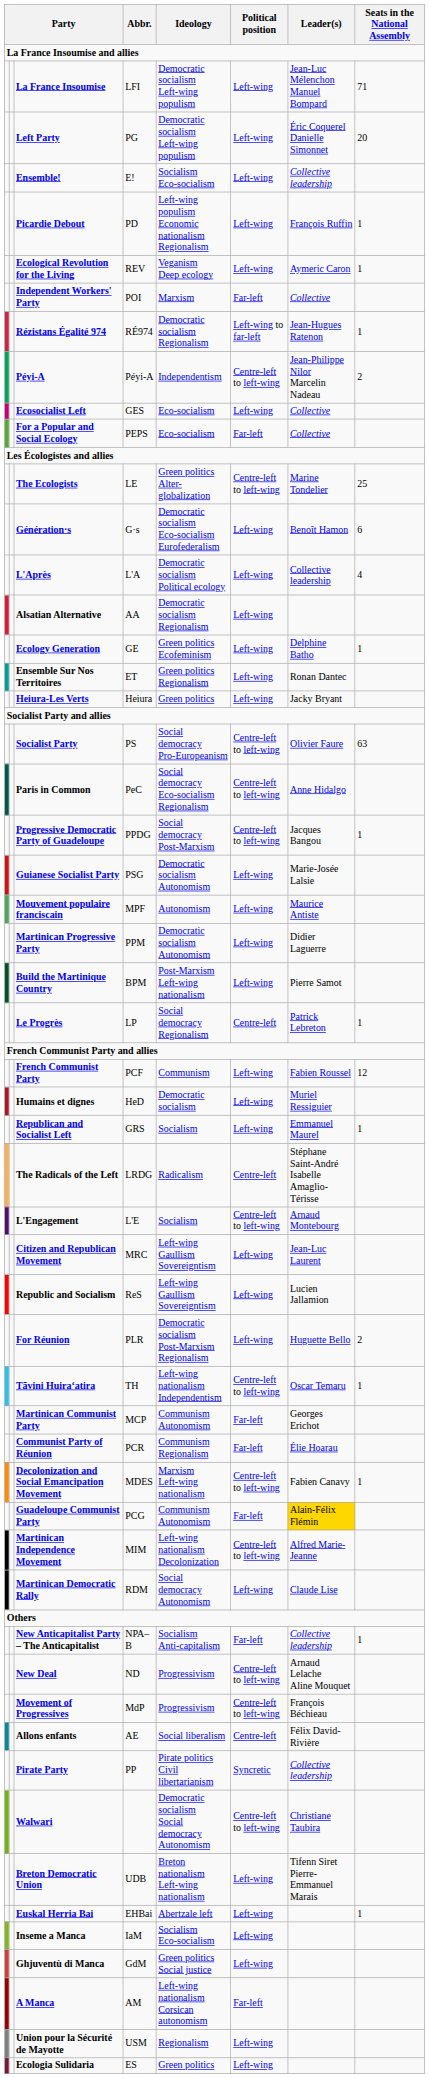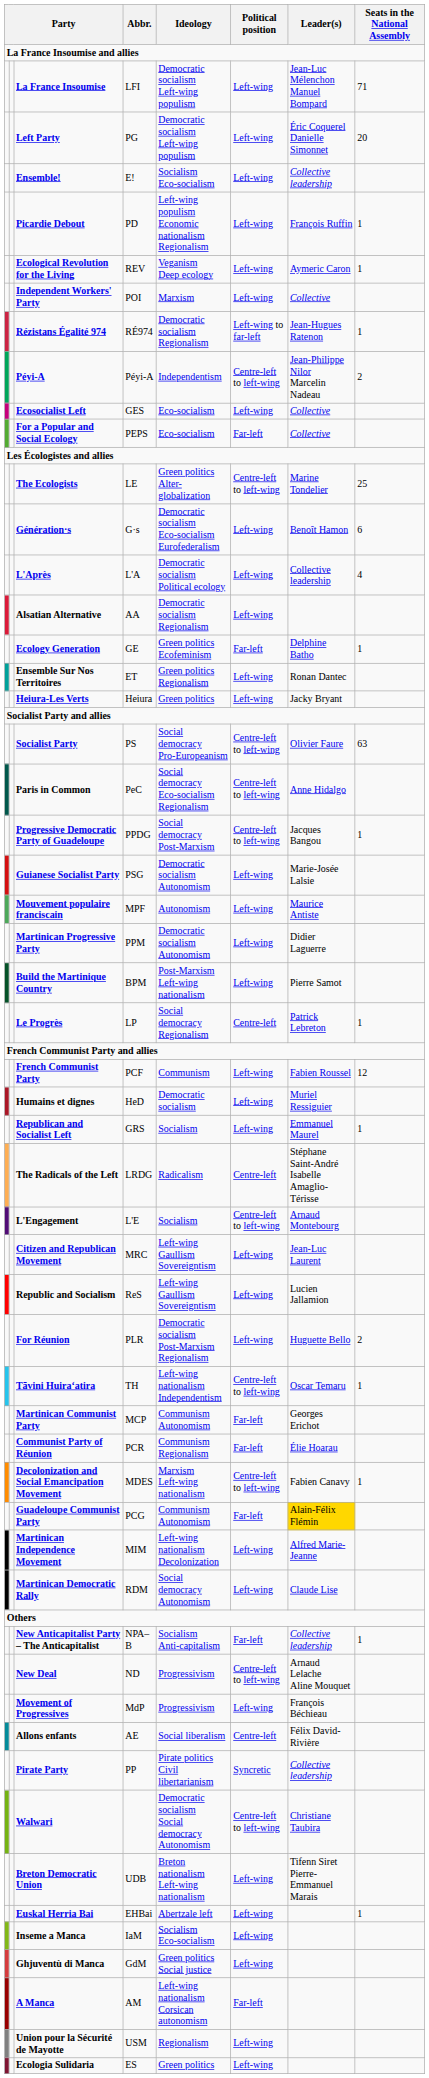 <table class="wikitable" style="font-size:90%">
 <tr>
 <th colspan="3">Party</th>
 <th>Abbr.</th>
 <th>Ideology</th>
 <th>Political position</th>
 <th>Leader(s)</th>
 <th>Seats in the <a href='#'>National Assembly</a></th>
 </tr>
 <tr>
 <td colspan="8"><strong>La France Insoumise and allies</strong></td>
 </tr>
 <tr>
 <td style="background-color:"></td>
 <td></td>
 <td><strong><a href='#'>La France Insoumise</a></strong></td>
 <td>LFI</td>
 <td><a href='#'>Democratic socialism</a><br><a href='#'>Left-wing populism</a></td>
 <td><a href='#'>Left-wing</a></td>
 <td><a href='#'>Jean-Luc Mélenchon</a><br><a href='#'>Manuel Bompard</a></td>
 <td>71</td>
 </tr>
 <tr>
 <td style="background-color:"></td>
 <td></td>
 <td><strong><a href='#'>Left Party</a></strong></td>
 <td>PG</td>
 <td><a href='#'>Democratic socialism</a><br><a href='#'>Left-wing populism</a></td>
 <td><a href='#'>Left-wing</a></td>
 <td><a href='#'>Éric Coquerel</a><br><a href='#'>Danielle Simonnet</a></td>
 <td>20</td>
 </tr>
 <tr>
 <td style="background-color:"></td>
 <td></td>
 <td><strong><a href='#'>Ensemble!</a></strong></td>
 <td>E!</td>
 <td><a href='#'>Socialism</a><br><a href='#'>Eco-socialism</a></td>
 <td><a href='#'>Left-wing</a></td>
 <td><em><a href='#'>Collective leadership</a></em></td>
 <td></td>
 </tr>
 <tr>
 <td style="background-color:"></td>
 <td align="center"></td>
 <td><strong><a href='#'>Picardie Debout</a></strong></td>
 <td>PD</td>
 <td><a href='#'>Left-wing populism</a><br><a href='#'>Economic nationalism</a><br><a href='#'>Regionalism</a></td>
 <td><a href='#'>Left-wing</a></td>
 <td><a href='#'>François Ruffin</a></td>
 <td>1</td>
 </tr>
 <tr>
 <td style="background-color:"></td>
 <td></td>
 <td><strong><a href='#'>Ecological Revolution for the Living</a></strong></td>
 <td>REV</td>
 <td><a href='#'>Veganism</a><br><a href='#'>Deep ecology</a></td>
 <td><a href='#'>Left-wing</a></td>
 <td><a href='#'>Aymeric Caron</a></td>
 <td>1</td>
 </tr>
 <tr>
 <td style="background-color:"></td>
 <td align="center"></td>
 <td><strong><a href='#'>Independent Workers' Party</a></strong></td>
 <td>POI</td>
 <td><a href='#'>Marxism</a></td>
-<td><a href='#'>Far-left</a></td>
+<td><a href='#'>Left-wing</a></td>
 <td><em><a href='#'>Collective</a></em></td>
 <td></td>
 </tr>
 <tr>
 <td style="background-color:#CC2443"></td>
 <td></td>
 <td><strong><a href='#'>Rézistans Égalité 974</a></strong></td>
 <td>RÉ974</td>
 <td><a href='#'>Democratic socialism</a><br><a href='#'>Regionalism</a></td>
 <td><a href='#'>Left-wing</a> to <a href='#'>far-left</a></td>
 <td><a href='#'>Jean-Hugues Ratenon</a></td>
 <td>1</td>
 </tr>
 <tr>
 <td style="background-color:#01A65A"></td>
 <td></td>
 <td><strong><a href='#'>Péyi-A</a></strong></td>
 <td>Péyi-A</td>
 <td><a href='#'>Independentism</a></td>
 <td><a href='#'>Centre-left</a> to <a href='#'>left-wing</a></td>
 <td><a href='#'>Jean-Philippe Nilor</a><br>Marcelin Nadeau</td>
 <td>2</td>
 </tr>
 <tr>
 <td style="background-color:#C6007B"></td>
 <td align="center"></td>
 <td><strong><a href='#'>Ecosocialist Left</a></strong></td>
 <td>GES</td>
 <td><a href='#'>Eco-socialism</a></td>
 <td><a href='#'>Left-wing</a></td>
 <td><em><a href='#'>Collective</a></em></td>
 <td></td>
 </tr>
 <tr>
 <td style="background-color:#53AB32"></td>
 <td></td>
 <td><strong><a href='#'>For a Popular and Social Ecology</a></strong></td>
 <td>PEPS</td>
 <td><a href='#'>Eco-socialism</a></td>
 <td><a href='#'>Far-left</a></td>
 <td><em><a href='#'>Collective</a></em></td>
 <td></td>
 </tr>
 <tr>
 <td colspan="8"><strong>Les Écologistes and allies</strong></td>
 </tr>
 <tr>
 <td style="background-color:"></td>
 <td align="center"></td>
 <td><strong><a href='#'>The Ecologists</a></strong></td>
 <td>LE</td>
 <td><a href='#'>Green politics</a><br><a href='#'>Alter-globalization</a></td>
 <td><a href='#'>Centre-left</a> to <a href='#'>left-wing</a></td>
 <td><a href='#'>Marine Tondelier</a></td>
 <td>25</td>
 </tr>
 <tr>
 <td style="background-color:"></td>
 <td align="center"></td>
 <td><strong><a href='#'>Génération·s</a></strong></td>
 <td>G·s</td>
 <td><a href='#'>Democratic socialism</a><br><a href='#'>Eco-socialism</a><br><a href='#'>Eurofederalism</a></td>
 <td><a href='#'>Left-wing</a></td>
 <td><a href='#'>Benoît Hamon</a></td>
 <td>6</td>
 </tr>
 <tr>
 <td style="background-color:"></td>
 <td align="center"></td>
 <td><strong><a href='#'>L'Après</a></strong></td>
 <td>L'A</td>
 <td><a href='#'>Democratic socialism</a><br><a href='#'>Political ecology</a></td>
 <td><a href='#'>Left-wing</a></td>
 <td><a href='#'>Collective leadership</a></td>
 <td>4</td>
 </tr>
 <tr>
 <td style="background-color:#DB1A39"></td>
 <td align="center"></td>
 <td><strong>Alsatian Alternative</strong></td>
 <td>AA</td>
 <td><a href='#'>Democratic socialism</a><br><a href='#'>Regionalism</a></td>
 <td><a href='#'>Left-wing</a></td>
 <td></td>
 <td></td>
 </tr>
 <tr>
 <td style="background-color:"></td>
 <td align="center"></td>
 <td><strong><a href='#'>Ecology Generation</a></strong></td>
 <td>GE</td>
 <td><a href='#'>Green politics</a><br><a href='#'>Ecofeminism</a></td>
-<td><a href='#'>Left-wing</a></td>
+<td><a href='#'>Far-left</a></td>
 <td><a href='#'>Delphine Batho</a></td>
 <td>1</td>
 </tr>
 <tr>
 <td style="background-color:#00A19A"></td>
 <td></td>
 <td><strong>Ensemble Sur Nos Territoires</strong></td>
 <td>ET</td>
 <td><a href='#'>Green politics</a><br><a href='#'>Regionalism</a></td>
 <td><a href='#'>Left-wing</a></td>
 <td>Ronan Dantec</td>
 <td></td>
 </tr>
 <tr>
 <td style="background-color:"></td>
 <td></td>
 <td><strong><a href='#'>Heiura-Les Verts</a></strong></td>
 <td>Heiura</td>
 <td><a href='#'>Green politics</a></td>
 <td><a href='#'>Left-wing</a></td>
 <td>Jacky Bryant</td>
 <td></td>
 </tr>
 <tr>
 <td colspan="8"><strong>Socialist Party and allies</strong></td>
 </tr>
 <tr>
 <td style="background-color:"></td>
 <td align="center"></td>
 <td><strong><a href='#'>Socialist Party</a></strong></td>
 <td>PS</td>
 <td><a href='#'>Social democracy</a><br><a href='#'>Pro-Europeanism</a></td>
 <td><a href='#'>Centre-left</a> to <a href='#'>left-wing</a></td>
 <td><a href='#'>Olivier Faure</a></td>
 <td>63</td>
 </tr>
 <tr>
 <td style="background-color:#00574B"></td>
 <td align="center"></td>
 <td><strong>Paris in Common</strong></td>
 <td>PeC</td>
 <td><a href='#'>Social democracy</a><br><a href='#'>Eco-socialism</a><br><a href='#'>Regionalism</a></td>
 <td><a href='#'>Centre-left</a> to <a href='#'>left-wing</a></td>
 <td><a href='#'>Anne Hidalgo</a></td>
 <td></td>
 </tr>
 <tr>
 <td style="background-color:"></td>
 <td align="center"></td>
 <td><strong><a href='#'>Progressive Democratic Party of Guadeloupe</a></strong></td>
 <td>PPDG</td>
 <td><a href='#'>Social democracy</a><br><a href='#'>Post-Marxism</a></td>
 <td><a href='#'>Centre-left</a> to <a href='#'>left-wing</a></td>
 <td>Jacques Bangou</td>
 <td>1</td>
 </tr>
 <tr>
 <td style="background:#D41012"></td>
 <td align="center"></td>
 <td><strong><a href='#'>Guianese Socialist Party</a></strong></td>
 <td>PSG</td>
 <td><a href='#'>Democratic socialism</a><br><a href='#'>Autonomism</a></td>
 <td><a href='#'>Left-wing</a></td>
 <td>Marie-Josée Lalsie</td>
 <td></td>
 </tr>
 <tr>
 <td style="background:#4DA85A"></td>
 <td align="center"></td>
 <td><strong><a href='#'>Mouvement populaire franciscain</a></strong></td>
 <td>MPF</td>
 <td><a href='#'>Autonomism</a></td>
 <td><a href='#'>Left-wing</a></td>
 <td><a href='#'>Maurice Antiste</a></td>
 <td></td>
 </tr>
 <tr>
 <td style="background:"></td>
 <td align="center"></td>
 <td><strong><a href='#'>Martinican Progressive Party</a></strong></td>
 <td>PPM</td>
 <td><a href='#'>Democratic socialism</a><br><a href='#'>Autonomism</a></td>
 <td><a href='#'>Left-wing</a></td>
 <td>Didier Laguerre</td>
 <td></td>
 </tr>
 <tr>
 <td style="background:#055228"></td>
 <td align="center"></td>
 <td><strong><a href='#'>Build the Martinique Country</a></strong></td>
 <td>BPM</td>
 <td><a href='#'>Post-Marxism</a><br><a href='#'>Left-wing nationalism</a></td>
 <td><a href='#'>Left-wing</a></td>
 <td>Pierre Samot</td>
 <td></td>
 </tr>
 <tr>
 <td style="background:"></td>
 <td></td>
 <td><strong><a href='#'>Le Progrès</a></strong></td>
 <td>LP</td>
 <td><a href='#'>Social democracy</a><br><a href='#'>Regionalism</a></td>
 <td><a href='#'>Centre-left</a></td>
 <td><a href='#'>Patrick Lebreton</a></td>
 <td>1</td>
 </tr>
 <tr>
 <td colspan="8"><strong>French Communist Party and allies</strong></td>
 </tr>
 <tr>
 <td style="background-color:"></td>
 <td></td>
 <td><strong><a href='#'>French Communist Party</a></strong></td>
 <td>PCF</td>
 <td><a href='#'>Communism</a></td>
 <td><a href='#'>Left-wing</a></td>
 <td><a href='#'>Fabien Roussel</a></td>
 <td>12</td>
 </tr>
 <tr>
 <td style="background-color:#AB1727"></td>
 <td></td>
 <td><strong>Humains et dignes</strong></td>
 <td>HeD</td>
 <td><a href='#'>Democratic socialism</a></td>
 <td><a href='#'>Left-wing</a></td>
 <td><a href='#'>Muriel Ressiguier</a></td>
 <td></td>
 </tr>
 <tr>
 <td style="background-color:"></td>
 <td></td>
 <td><strong><a href='#'>Republican and Socialist Left</a></strong></td>
 <td>GRS</td>
 <td><a href='#'>Socialism</a></td>
 <td><a href='#'>Left-wing</a></td>
 <td><a href='#'>Emmanuel Maurel</a></td>
 <td>1</td>
 </tr>
 <tr>
 <td style="background-color:#FEAE53"></td>
 <td></td>
 <td><strong>The Radicals of the Left</strong></td>
 <td>LRDG</td>
 <td><a href='#'>Radicalism</a></td>
 <td><a href='#'>Centre-left</a></td>
 <td>Stéphane Saint-André<br>Isabelle Amaglio-Térisse</td>
 <td></td>
 </tr>
 <tr>
 <td style="background-color:#510C76"></td>
 <td></td>
 <td><strong>L'Engagement</strong></td>
 <td>L'E</td>
 <td><a href='#'>Socialism</a></td>
 <td><a href='#'>Centre-left</a> to <a href='#'>left-wing</a></td>
 <td><a href='#'>Arnaud Montebourg</a></td>
 <td></td>
 </tr>
 <tr>
 <td style="background-color:"></td>
 <td></td>
 <td><strong><a href='#'>Citizen and Republican Movement</a></strong></td>
 <td>MRC</td>
 <td><a href='#'>Left-wing Gaullism</a><br><a href='#'>Sovereigntism</a></td>
 <td><a href='#'>Left-wing</a></td>
 <td><a href='#'>Jean-Luc Laurent</a></td>
 <td></td>
 </tr>
 <tr>
 <td style="background-color:red"></td>
 <td></td>
 <td><strong>Republic and Socialism</strong></td>
 <td>ReS</td>
 <td><a href='#'>Left-wing Gaullism</a><br><a href='#'>Sovereigntism</a></td>
 <td><a href='#'>Left-wing</a></td>
 <td>Lucien Jallamion</td>
 <td></td>
 </tr>
 <tr>
 <td style="background-color:"></td>
 <td></td>
 <td><strong><a href='#'>For Réunion</a></strong></td>
 <td>PLR</td>
 <td><a href='#'>Democratic socialism</a><br><a href='#'>Post-Marxism</a><br><a href='#'>Regionalism</a></td>
 <td><a href='#'>Left-wing</a></td>
 <td><a href='#'>Huguette Bello</a></td>
 <td>2</td>
 </tr>
 <tr>
 <td style="background-color:#26C4EC"></td>
 <td></td>
 <td><strong><a href='#'>Tāvini Huiraʻatira</a></strong></td>
 <td>TH</td>
 <td><a href='#'>Left-wing nationalism</a><br><a href='#'>Independentism</a></td>
 <td><a href='#'>Centre-left</a> to <a href='#'>left-wing</a></td>
 <td><a href='#'>Oscar Temaru</a></td>
 <td>1</td>
 </tr>
 <tr>
 <td style="background:"></td>
 <td></td>
 <td><strong><a href='#'>Martinican Communist Party</a></strong></td>
 <td>MCP</td>
 <td><a href='#'>Communism</a><br><a href='#'>Autonomism</a></td>
 <td><a href='#'>Far-left</a></td>
 <td>Georges Erichot</td>
 <td></td>
 </tr>
 <tr>
 <td style="background:"></td>
 <td></td>
 <td><strong><a href='#'>Communist Party of Réunion</a></strong></td>
 <td>PCR</td>
 <td><a href='#'>Communism</a><br><a href='#'>Regionalism</a></td>
 <td><a href='#'>Far-left</a></td>
 <td><a href='#'>Élie Hoarau</a></td>
 <td></td>
 </tr>
 <tr>
 <td style="background:#FF8C00"></td>
 <td></td>
 <td><strong><a href='#'>Decolonization and Social Emancipation Movement</a></strong></td>
 <td>MDES</td>
 <td><a href='#'>Marxism</a><br><a href='#'>Left-wing nationalism</a></td>
 <td><a href='#'>Centre-left</a> to <a href='#'>left-wing</a></td>
 <td>Fabien Canavy</td>
 <td>1</td>
 </tr>
 <tr>
 <td style="background:"></td>
 <td></td>
 <td><strong><a href='#'>Guadeloupe Communist Party</a></strong></td>
 <td>PCG</td>
 <td><a href='#'>Communism</a><br><a href='#'>Autonomism</a></td>
 <td><a href='#'>Far-left</a></td>
 <td style="background: gold;">Alain-Félix Flémin</td>
 <td></td>
 </tr>
 <tr>
 <td style="background:black"></td>
 <td></td>
 <td><strong><a href='#'>Martinican Independence Movement</a></strong></td>
 <td>MIM</td>
 <td><a href='#'>Left-wing nationalism</a><br><a href='#'>Decolonization</a></td>
-<td><a href='#'>Centre-left</a> to <a href='#'>left-wing</a></td>
+<td><a href='#'>Left-wing</a></td>
 <td><a href='#'>Alfred Marie-Jeanne</a></td>
 <td></td>
 </tr>
 <tr>
 <td style="background:black"></td>
 <td></td>
 <td><strong><a href='#'>Martinican Democratic Rally</a></strong></td>
 <td>RDM</td>
 <td><a href='#'>Social democracy</a><br><a href='#'>Autonomism</a></td>
 <td><a href='#'>Left-wing</a></td>
 <td><a href='#'>Claude Lise</a></td>
 <td></td>
 </tr>
 <tr>
 <td colspan="8"><strong>Others</strong></td>
 </tr>
 <tr>
 <td style="background-color:"></td>
 <td align="center"></td>
 <td><strong><a href='#'>New Anticapitalist Party</a> – The Anticapitalist</strong></td>
 <td>NPA–B</td>
 <td><a href='#'>Socialism</a><br><a href='#'>Anti-capitalism</a></td>
 <td><a href='#'>Far-left</a></td>
 <td><em><a href='#'>Collective leadership</a></em></td>
 <td>1</td>
 </tr>
 <tr>
 <td style="background-color:"></td>
 <td align="center"></td>
 <td><strong><a href='#'>New Deal</a></strong></td>
 <td>ND</td>
 <td><a href='#'>Progressivism</a></td>
 <td><a href='#'>Centre-left</a> to <a href='#'>left-wing</a></td>
 <td>Arnaud Lelache<br>Aline Mouquet</td>
 <td></td>
 </tr>
 <tr>
 <td style="background-color:"></td>
 <td align="center"></td>
 <td><strong><a href='#'>Movement of Progressives</a></strong></td>
 <td>MdP</td>
 <td><a href='#'>Progressivism</a></td>
-<td><a href='#'>Centre-left</a> to <a href='#'>left-wing</a></td>
+<td><a href='#'>Left-wing</a></td>
 <td>François Béchieau</td>
 <td></td>
 </tr>
 <tr>
 <td style="background-color:#048B9A"></td>
 <td></td>
 <td><strong>Allons enfants</strong></td>
 <td>AE</td>
 <td><a href='#'>Social liberalism</a></td>
 <td><a href='#'>Centre-left</a></td>
 <td>Félix David-Rivière</td>
 <td></td>
 </tr>
 <tr>
 <td style="background-color:"></td>
 <td></td>
 <td><strong><a href='#'>Pirate Party</a></strong></td>
 <td>PP</td>
 <td><a href='#'>Pirate politics</a><br><a href='#'>Civil libertarianism</a></td>
 <td><a href='#'>Syncretic</a></td>
 <td><em><a href='#'>Collective leadership</a></em></td>
 <td></td>
 </tr>
 <tr>
 <td style="background-color:#75B313"></td>
 <td></td>
 <td><strong><a href='#'>Walwari</a></strong></td>
 <td></td>
 <td><a href='#'>Democratic socialism</a><br><a href='#'>Social democracy</a><br><a href='#'>Autonomism</a></td>
 <td><a href='#'>Centre-left</a> to <a href='#'>left-wing</a></td>
 <td><a href='#'>Christiane Taubira</a></td>
 <td></td>
 </tr>
 <tr>
 <td style="background-color:"></td>
 <td></td>
 <td><strong><a href='#'>Breton Democratic Union</a></strong></td>
 <td>UDB</td>
 <td><a href='#'>Breton nationalism</a><br><a href='#'>Left-wing nationalism</a></td>
 <td><a href='#'>Left-wing</a></td>
 <td>Tifenn Siret<br>Pierre-Emmanuel Marais</td>
 <td></td>
 </tr>
 <tr>
 <td style="background-color:"></td>
 <td></td>
 <td><strong><a href='#'>Euskal Herria Bai</a></strong></td>
 <td>EHBai</td>
 <td><a href='#'>Abertzale left</a></td>
 <td><a href='#'>Left-wing</a></td>
 <td></td>
 <td>1</td>
 </tr>
 <tr>
 <td style="background-color:#82B818"></td>
 <td></td>
 <td><strong>Inseme a Manca</strong></td>
 <td>IaM</td>
 <td><a href='#'>Socialism</a><br><a href='#'>Eco-socialism</a></td>
 <td><a href='#'>Left-wing</a></td>
 <td></td>
 <td></td>
 </tr>
 <tr>
 <td style="background-color:#D53C3E"></td>
 <td></td>
 <td><strong>Ghjuventù di Manca</strong></td>
 <td>GdM</td>
 <td><a href='#'>Green politics</a><br><a href='#'>Social justice</a></td>
 <td><a href='#'>Left-wing</a></td>
 <td></td>
 <td></td>
 </tr>
 <tr>
 <td style="background-color:#980001"></td>
 <td></td>
 <td><strong><a href='#'>A Manca</a></strong></td>
 <td>AM</td>
 <td><a href='#'>Left-wing nationalism</a><br><a href='#'>Corsican autonomism</a></td>
 <td><a href='#'>Far-left</a></td>
 <td></td>
 <td></td>
 </tr>
 <tr>
 <td style="background-color:grey"></td>
 <td></td>
 <td><strong>Union pour la Sécurité de Mayotte</strong></td>
 <td>USM</td>
 <td><a href='#'>Regionalism</a></td>
 <td><a href='#'>Left-wing</a></td>
 <td></td>
 <td></td>
 </tr>
 <tr>
 <td style="background-color:#7F1432"></td>
 <td></td>
 <td><strong>Ecologia Sulidaria</strong></td>
 <td>ES</td>
 <td><a href='#'>Green politics</a></td>
 <td><a href='#'>Left-wing</a></td>
 <td></td>
 <td></td>
 </tr>
 </table>
